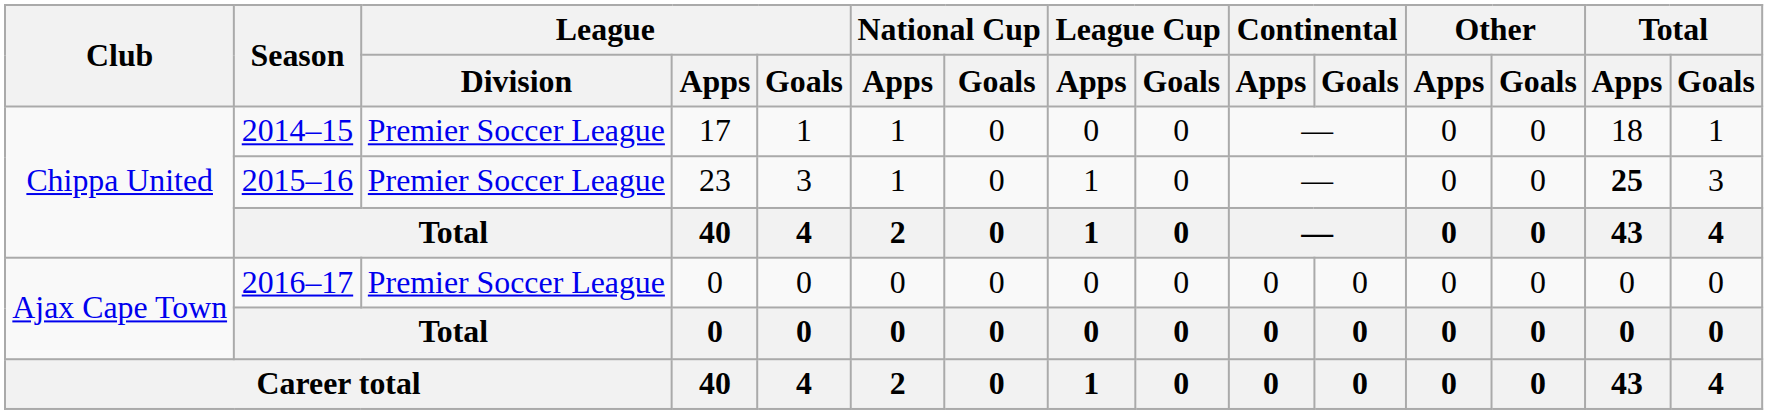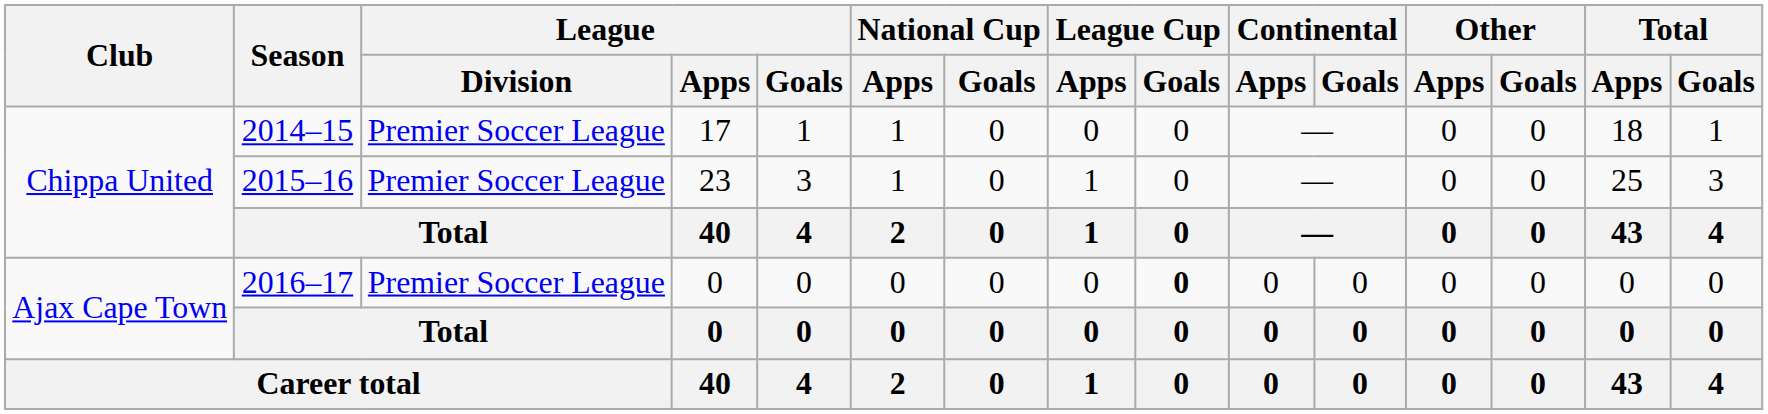 <table class="wikitable" style="text-align:center">
 <tr>
 <th rowspan="2">Club</th>
 <th rowspan="2">Season</th>
 <th colspan="3">League</th>
 <th colspan="2">National Cup</th>
 <th colspan="2">League Cup</th>
 <th colspan="2">Continental</th>
 <th colspan="2">Other</th>
 <th colspan="2">Total</th>
 </tr>
 <tr>
 <th>Division</th>
 <th>Apps</th>
 <th>Goals</th>
 <th>Apps</th>
 <th>Goals</th>
 <th>Apps</th>
 <th>Goals</th>
 <th>Apps</th>
 <th>Goals</th>
 <th>Apps</th>
 <th>Goals</th>
 <th>Apps</th>
 <th>Goals</th>
 </tr>
 <tr>
 <td rowspan="3"><a href='#'>Chippa United</a></td>
 <td><a href='#'>2014–15</a></td>
 <td><a href='#'>Premier Soccer League</a></td>
 <td>17</td>
 <td>1</td>
 <td>1</td>
 <td>0</td>
 <td>0</td>
 <td>0</td>
 <td colspan="2">—</td>
 <td>0</td>
 <td>0</td>
 <td>18</td>
 <td>1</td>
 </tr>
 <tr>
 <td><a href='#'>2015–16</a></td>
 <td><a href='#'>Premier Soccer League</a></td>
 <td>23</td>
 <td>3</td>
 <td>1</td>
 <td>0</td>
 <td>1</td>
 <td>0</td>
 <td colspan="2">—</td>
 <td>0</td>
 <td>0</td>
-<td><strong>25</strong></td>
+<td>25</td>
 <td>3</td>
 </tr>
 <tr>
 <th colspan="2">Total</th>
 <th>40</th>
 <th>4</th>
 <th>2</th>
 <th>0</th>
 <th>1</th>
 <th>0</th>
 <th colspan="2">—</th>
 <th>0</th>
 <th>0</th>
 <th>43</th>
 <th>4</th>
 </tr>
 <tr>
 <td rowspan="2"><a href='#'>Ajax Cape Town</a></td>
 <td><a href='#'>2016–17</a></td>
 <td><a href='#'>Premier Soccer League</a></td>
 <td>0</td>
 <td>0</td>
 <td>0</td>
 <td>0</td>
 <td>0</td>
-<td>0</td>
+<td><strong>0</strong></td>
 <td>0</td>
 <td>0</td>
 <td>0</td>
 <td>0</td>
 <td>0</td>
 <td>0</td>
 </tr>
 <tr>
 <th colspan="2">Total</th>
 <th>0</th>
 <th>0</th>
 <th>0</th>
 <th>0</th>
 <th>0</th>
 <th>0</th>
 <th>0</th>
 <th>0</th>
 <th>0</th>
 <th>0</th>
 <th>0</th>
 <th>0</th>
 </tr>
 <tr>
 <th colspan="3">Career total</th>
 <th>40</th>
 <th>4</th>
 <th>2</th>
 <th>0</th>
 <th>1</th>
 <th>0</th>
 <th>0</th>
 <th>0</th>
 <th>0</th>
 <th>0</th>
 <th>43</th>
 <th>4</th>
 </tr>
 </table>
